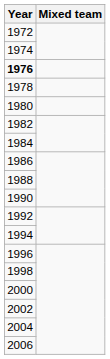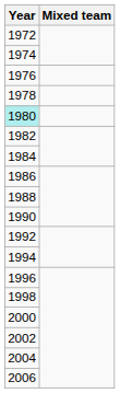 <table class="wikitable sortable" style="font-size:90%">
 <tr>
 <th>Year</th>
 <th>Mixed team</th>
 </tr>
 <tr>
 <td>1972</td>
 <td rowspan=2></td>
 </tr>
 <tr>
 <td>1974</td>
 </tr>
 <tr>
-<td><strong>1976</strong></td>
+<td>1976</td>
 <td></td>
 </tr>
 <tr>
 <td>1978</td>
 <td></td>
 </tr>
 <tr>
-<td>1980</td>
+<td style="background: paleturquoise;">1980</td>
 <td></td>
 </tr>
 <tr>
 <td>1982</td>
 <td rowspan=2></td>
 </tr>
 <tr>
 <td>1984</td>
 </tr>
 <tr>
 <td>1986</td>
 <td rowspan=3></td>
 </tr>
 <tr>
 <td>1988</td>
 </tr>
 <tr>
 <td>1990</td>
 </tr>
 <tr>
 <td>1992</td>
 <td rowspan=2></td>
 </tr>
 <tr>
 <td>1994</td>
 </tr>
 <tr>
 <td>1996</td>
 <td rowspan=6></td>
 </tr>
 <tr>
 <td>1998</td>
 </tr>
 <tr>
 <td>2000</td>
 </tr>
 <tr>
 <td>2002</td>
 </tr>
 <tr>
 <td>2004</td>
 </tr>
 <tr>
 <td>2006</td>
 </tr>
 </table>
